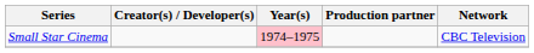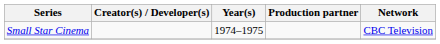 <table class="wikitable plainrowhears" widith="80%">
 <tr>
 <th>Series</th>
 <th>Creator(s) / Developer(s)</th>
 <th>Year(s)</th>
 <th>Production partner</th>
 <th>Network</th>
 </tr>
 <tr>
 <td><em><a href='#'>Small Star Cinema</a></em></td>
 <td></td>
-<td style="background: pink;">1974–1975</td>
+<td>1974–1975</td>
 <td></td>
 <td><a href='#'>CBC Television</a></td>
 </tr>
 <tr>
 </tr>
 </table>
